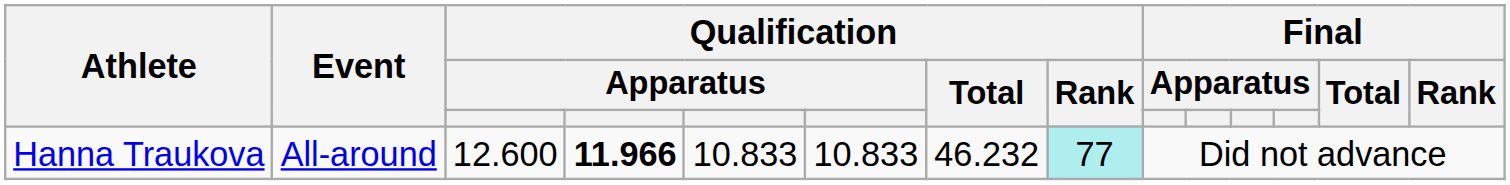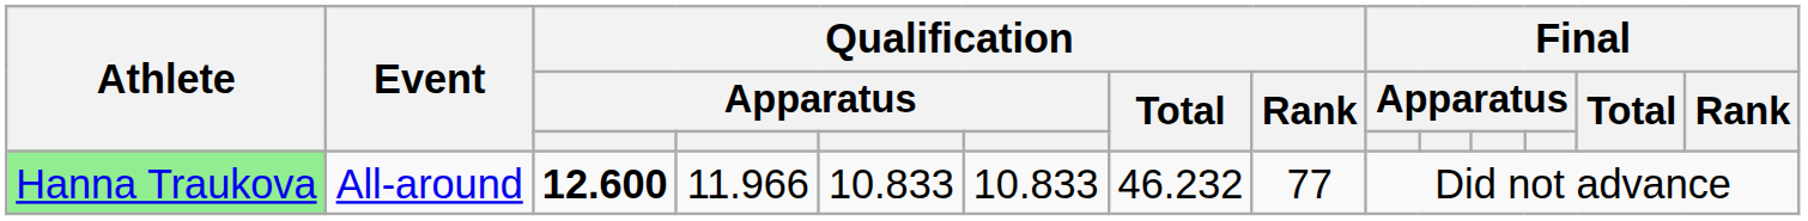 <table class="wikitable" style="font-size:90%">
 <tr>
 <th rowspan=3>Athlete</th>
 <th rowspan=3>Event</th>
 <th colspan=6>Qualification</th>
 <th colspan=6>Final</th>
 </tr>
 <tr style="font-size:95%">
 <th colspan=4>Apparatus</th>
 <th rowspan=2>Total</th>
 <th rowspan=2>Rank</th>
 <th colspan=4>Apparatus</th>
 <th rowspan=2>Total</th>
 <th rowspan=2>Rank</th>
 </tr>
 <tr style="font-size:95%">
 <th></th>
 <th></th>
 <th></th>
 <th></th>
 <th></th>
 <th></th>
 <th></th>
 <th></th>
 </tr>
 <tr align=center>
-<td align=left><a href='#'>Hanna Traukova</a></td>
+<td align=left style="background: lightgreen;"><a href='#'>Hanna Traukova</a></td>
 <td align=left><a href='#'>All-around</a></td>
-<td>12.600</td>
-<td><strong>11.966</strong></td>
+<td><strong>12.600</strong></td>
+<td>11.966</td>
 <td>10.833</td>
 <td>10.833</td>
 <td>46.232</td>
-<td style="background: paleturquoise;">77</td>
+<td>77</td>
 <td colspan=6>Did not advance</td>
 </tr>
 </table>
